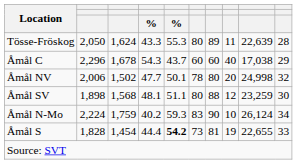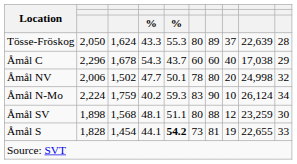 <table role="presentation" class="wikitable sortable mw-collapsible">
 <tr>
 <th rowspan="3">Location</th>
 <th></th>
 <th></th>
 <th></th>
 <th></th>
 <th></th>
 <th></th>
 <th></th>
 <th></th>
 <th></th>
 </tr>
 <tr>
 <th></th>
 <th></th>
 <th style="background:"></th>
 <th style="background:"></th>
 <th></th>
 <th></th>
 <th></th>
 <th></th>
 <th></th>
 </tr>
 <tr>
 <th data-sort-type="number"></th>
 <th data-sort-type="number"></th>
 <th data-sort-type="number">%</th>
 <th data-sort-type="number">%</th>
 <th data-sort-type="number"></th>
 <th data-sort-type="number"></th>
 <th data-sort-type="number"></th>
 <th data-sort-type="number"></th>
 <th data-sort-type="number"></th>
 </tr>
 <tr>
 <td align="left">Tösse-Fröskog</td>
 <td>2,050</td>
 <td>1,624</td>
 <td>43.3</td>
 <td>55.3</td>
 <td>80</td>
 <td>89</td>
-<td>11</td>
+<td>37</td>
 <td>22,639</td>
 <td>28</td>
 </tr>
 <tr>
 <td align="left">Åmål C</td>
 <td>2,296</td>
 <td>1,678</td>
 <td>54.3</td>
 <td>43.7</td>
 <td>60</td>
 <td>60</td>
 <td>40</td>
 <td>17,038</td>
 <td>29</td>
 </tr>
 <tr>
 <td align="left">Åmål NV</td>
 <td>2,006</td>
 <td>1,502</td>
 <td>47.7</td>
 <td>50.1</td>
 <td>78</td>
 <td>80</td>
 <td>20</td>
 <td>24,998</td>
 <td>32</td>
 </tr>
 <tr>
+<td align="left">Åmål N-Mo</td>
+<td>2,224</td>
+<td>1,759</td>
+<td>40.2</td>
+<td>59.3</td>
+<td>83</td>
+<td>90</td>
+<td>10</td>
+<td>26,124</td>
+<td>34</td>
+</tr>
+<tr>
 <td align="left">Åmål SV</td>
 <td>1,898</td>
 <td>1,568</td>
 <td>48.1</td>
 <td>51.1</td>
 <td>80</td>
 <td>88</td>
 <td>12</td>
 <td>23,259</td>
 <td>30</td>
 </tr>
 <tr>
-<td align="left">Åmål N-Mo</td>
-<td>2,224</td>
-<td>1,759</td>
-<td>40.2</td>
-<td>59.3</td>
-<td>83</td>
-<td>90</td>
-<td>10</td>
-<td>26,124</td>
-<td>34</td>
-</tr>
-<tr>
 <td align="left">Åmål S</td>
 <td>1,828</td>
 <td>1,454</td>
-<td>44.4</td>
+<td>44.1</td>
 <td><strong>54.2</strong></td>
 <td>73</td>
 <td>81</td>
 <td>19</td>
 <td>22,655</td>
 <td>33</td>
 </tr>
 <tr>
 <td colspan="10" align="left">Source: <a href='#'>SVT</a></td>
 </tr>
 </table>
